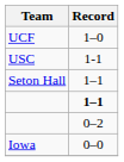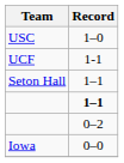 <table class="wikitable" style="text-align:center">
 <tr>
 <th>Team</th>
 <th>Record</th>
 </tr>
 <tr>
-<td align=left><a href='#'>UCF</a></td>
+<td align=left><a href='#'>USC</a></td>
 <td>1–0</td>
 </tr>
 <tr>
-<td align=left><a href='#'>USC</a></td>
+<td align=left><a href='#'>UCF</a></td>
 <td>1-1</td>
 </tr>
 <tr>
 <td align=left><a href='#'>Seton Hall</a></td>
 <td>1–1</td>
 </tr>
 <tr>
 <td align=left></td>
 <td><strong>1–1</strong></td>
 </tr>
 <tr>
 <td align=left></td>
 <td>0–2</td>
 </tr>
 <tr>
 <td align=left><a href='#'>Iowa</a></td>
 <td>0–0</td>
 </tr>
 <tr>
 </tr>
 </table>
